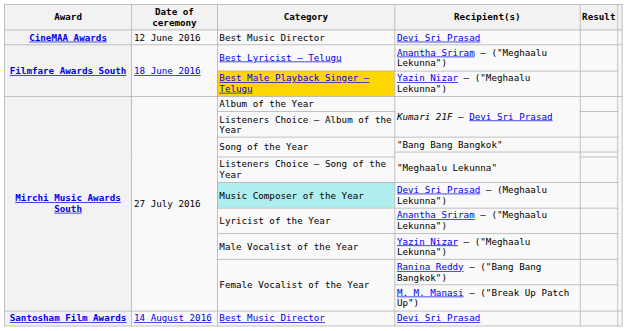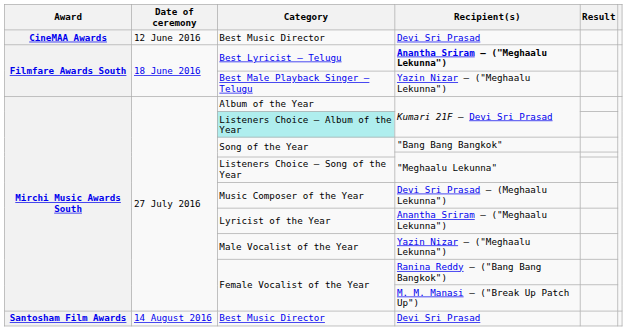 <table class="wikitable plainrowheaders sortable">
 <tr>
 <th scope="col">Award</th>
 <th scope="col">Date of ceremony</th>
 <th scope="col">Category</th>
 <th scope="col">Recipient(s)</th>
 <th scope="col" class="unsortable">Result</th>
 <th scope="col" class="unsortable"></th>
 </tr>
 <tr>
 <th scope="row"><a href='#'>CineMAA Awards</a></th>
 <td>12 June 2016</td>
 <td>Best Music Director</td>
 <td><a href='#'>Devi Sri Prasad</a></td>
 <td></td>
 <td style="text-align:center;"></td>
 </tr>
 <tr>
 <th rowspan="2" scope="row"><a href='#'>Filmfare Awards South</a></th>
 <td rowspan="2"><a href='#'>18 June 2016</a></td>
 <td><a href='#'>Best Lyricist – Telugu</a></td>
-<td><a href='#'>Anantha Sriram</a> – ("Meghaalu Lekunna")</td>
+<td><strong><a href='#'>Anantha Sriram</a> – ("Meghaalu Lekunna")</strong></td>
 <td></td>
 <td rowspan="2" style="text-align:center;"><br></td>
 </tr>
 <tr>
-<td style="background: gold;"><a href='#'>Best Male Playback Singer – Telugu</a></td>
+<td><a href='#'>Best Male Playback Singer – Telugu</a></td>
 <td><a href='#'>Yazin Nizar</a> – ("Meghaalu Lekunna")</td>
 <td></td>
 </tr>
 <tr>
 <th rowspan="10" scope="row"><a href='#'>Mirchi Music Awards South</a></th>
 <td rowspan="10">27 July 2016</td>
 <td>Album of the Year</td>
 <td rowspan="2"><em>Kumari 21F</em> – <a href='#'>Devi Sri Prasad</a></td>
 <td></td>
 <td rowspan="10" style="text-align:center;"><br></td>
 </tr>
 <tr>
-<td>Listeners Choice – Album of the Year</td>
+<td style="background: paleturquoise;">Listeners Choice – Album of the Year</td>
 <td></td>
 </tr>
 <tr>
 <td rowspan="2">Song of the Year</td>
 <td>"Bang Bang Bangkok"</td>
 <td></td>
 </tr>
 <tr>
 <td rowspan="2">"Meghaalu Lekunna"</td>
 <td></td>
 </tr>
 <tr>
 <td>Listeners Choice – Song of the Year</td>
 <td></td>
 </tr>
 <tr>
-<td style="background: paleturquoise;">Music Composer of the Year</td>
+<td>Music Composer of the Year</td>
 <td><a href='#'>Devi Sri Prasad</a> – (Meghaalu Lekunna")</td>
 <td></td>
 </tr>
 <tr>
 <td>Lyricist of the Year</td>
 <td><a href='#'>Anantha Sriram</a> – ("Meghaalu Lekunna")</td>
 <td></td>
 </tr>
 <tr>
 <td>Male Vocalist of the Year</td>
 <td><a href='#'>Yazin Nizar</a> – ("Meghaalu Lekunna")</td>
 <td></td>
 </tr>
 <tr>
 <td rowspan="2">Female Vocalist of the Year</td>
 <td><a href='#'>Ranina Reddy</a> – ("Bang Bang Bangkok")</td>
 <td></td>
 </tr>
 <tr>
 <td><a href='#'>M. M. Manasi</a> – ("Break Up Patch Up")</td>
 <td></td>
 </tr>
 <tr>
 <th scope="row"><a href='#'>Santosham Film Awards</a></th>
 <td><a href='#'>14 August 2016</a></td>
 <td><a href='#'>Best Music Director</a></td>
 <td><a href='#'>Devi Sri Prasad</a></td>
 <td></td>
 <td style="text-align:center;"></td>
 </tr>
 </table>
